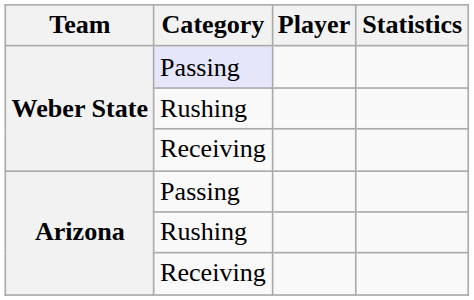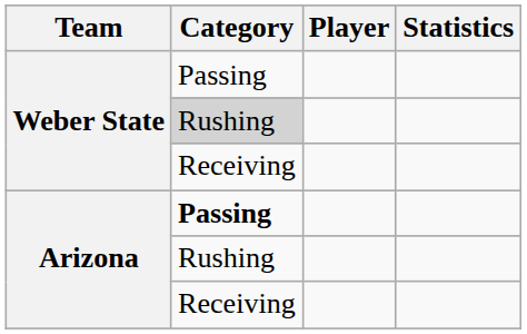 <table class="wikitable" style="float:right">
 <tr>
 <th>Team</th>
 <th>Category</th>
 <th>Player</th>
 <th>Statistics</th>
 </tr>
 <tr>
 <th rowspan=3>Weber State</th>
-<td style="background: lavender;">Passing</td>
+<td>Passing</td>
 <td></td>
 <td></td>
 </tr>
 <tr>
-<td>Rushing</td>
+<td style="background: lightgrey;">Rushing</td>
 <td></td>
 <td></td>
 </tr>
 <tr>
 <td>Receiving</td>
 <td></td>
 <td></td>
 </tr>
 <tr>
 <th rowspan=3>Arizona</th>
-<td>Passing</td>
+<td><strong>Passing</strong></td>
 <td></td>
 <td></td>
 </tr>
 <tr>
 <td>Rushing</td>
 <td></td>
 <td></td>
 </tr>
 <tr>
 <td>Receiving</td>
 <td></td>
 <td></td>
 </tr>
 </table>
